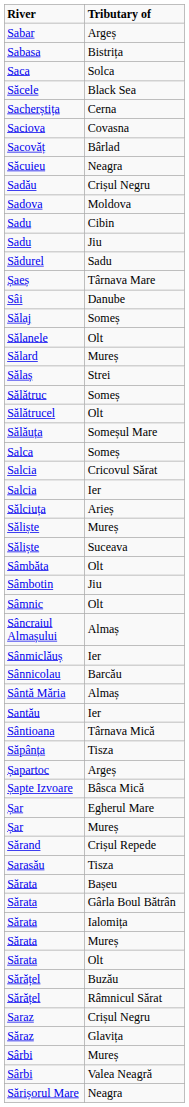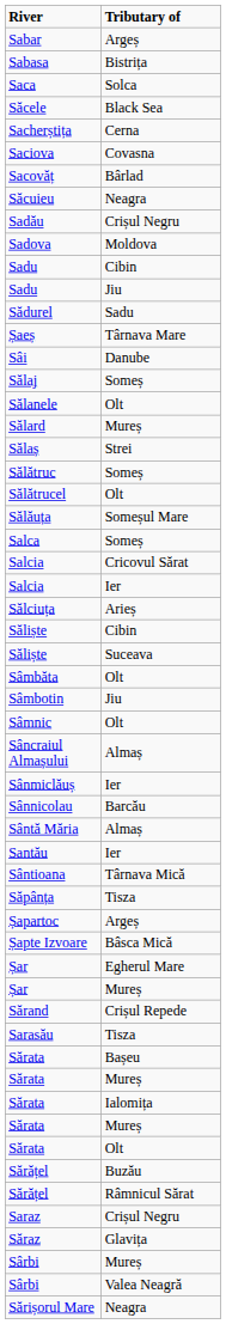 <table class="wikitable">
 <tr>
 <td width="100pt"><strong>River</strong></td>
 <td width="125pt"><strong>Tributary of</strong></td>
 </tr>
 <tr>
 <td><a href='#'>Sabar</a></td>
 <td>Argeș</td>
 </tr>
 <tr>
 <td><a href='#'>Sabasa</a></td>
 <td>Bistrița</td>
 </tr>
 <tr>
 <td><a href='#'>Saca</a></td>
 <td>Solca</td>
 </tr>
 <tr>
 <td><a href='#'>Săcele</a></td>
 <td>Black Sea</td>
 </tr>
 <tr>
 <td><a href='#'>Sacherștița</a></td>
 <td>Cerna</td>
 </tr>
 <tr>
 <td><a href='#'>Saciova</a></td>
 <td>Covasna</td>
 </tr>
 <tr>
 <td><a href='#'>Sacovăț</a></td>
 <td>Bârlad</td>
 </tr>
 <tr>
 <td><a href='#'>Săcuieu</a></td>
 <td>Neagra</td>
 </tr>
 <tr>
 <td><a href='#'>Sadău</a></td>
 <td>Crișul Negru</td>
 </tr>
 <tr>
 <td><a href='#'>Sadova</a></td>
 <td>Moldova</td>
 </tr>
 <tr>
 <td><a href='#'>Sadu</a></td>
 <td>Cibin</td>
 </tr>
 <tr>
 <td><a href='#'>Sadu</a></td>
 <td>Jiu</td>
 </tr>
 <tr>
 <td><a href='#'>Sădurel</a></td>
 <td>Sadu</td>
 </tr>
 <tr>
 <td><a href='#'>Șaeș</a></td>
 <td>Târnava Mare</td>
 </tr>
 <tr>
 <td><a href='#'>Sâi</a></td>
 <td>Danube</td>
 </tr>
 <tr>
 <td><a href='#'>Sălaj</a></td>
 <td>Someș</td>
 </tr>
 <tr>
 <td><a href='#'>Sălanele</a></td>
 <td>Olt</td>
 </tr>
 <tr>
 <td><a href='#'>Sălard</a></td>
 <td>Mureș</td>
 </tr>
 <tr>
 <td><a href='#'>Sălaș</a></td>
 <td>Strei</td>
 </tr>
 <tr>
 <td><a href='#'>Sălătruc</a></td>
 <td>Someș</td>
 </tr>
 <tr>
 <td><a href='#'>Sălătrucel</a></td>
 <td>Olt</td>
 </tr>
 <tr>
 <td><a href='#'>Sălăuța</a></td>
 <td>Someșul Mare</td>
 </tr>
 <tr>
 <td><a href='#'>Salca</a></td>
 <td>Someș</td>
 </tr>
 <tr>
 <td><a href='#'>Salcia</a></td>
 <td>Cricovul Sărat</td>
 </tr>
 <tr>
 <td><a href='#'>Salcia</a></td>
 <td>Ier</td>
 </tr>
 <tr>
 <td><a href='#'>Sălciuța</a></td>
 <td>Arieș</td>
 </tr>
 <tr>
 <td><a href='#'>Săliște</a></td>
-<td>Mureș</td>
+<td>Cibin</td>
 </tr>
 <tr>
 <td><a href='#'>Săliște</a></td>
 <td>Suceava</td>
 </tr>
 <tr>
 <td><a href='#'>Sâmbăta</a></td>
 <td>Olt</td>
 </tr>
 <tr>
 <td><a href='#'>Sâmbotin</a></td>
 <td>Jiu</td>
 </tr>
 <tr>
 <td><a href='#'>Sâmnic</a></td>
 <td>Olt</td>
 </tr>
 <tr>
 <td><a href='#'>Sâncraiul Almașului</a></td>
 <td>Almaș</td>
 </tr>
 <tr>
 <td><a href='#'>Sânmiclăuș</a></td>
 <td>Ier</td>
 </tr>
 <tr>
 <td><a href='#'>Sânnicolau</a></td>
 <td>Barcău</td>
 </tr>
 <tr>
 <td><a href='#'>Sântă Măria</a></td>
 <td>Almaș</td>
 </tr>
 <tr>
 <td><a href='#'>Santău</a></td>
 <td>Ier</td>
 </tr>
 <tr>
 <td><a href='#'>Sântioana</a></td>
 <td>Târnava Mică</td>
 </tr>
 <tr>
 <td><a href='#'>Săpânța</a></td>
 <td>Tisza</td>
 </tr>
 <tr>
 <td><a href='#'>Șapartoc</a></td>
 <td>Argeș</td>
 </tr>
 <tr>
 <td><a href='#'>Șapte Izvoare</a></td>
 <td>Bâsca Mică</td>
 </tr>
 <tr>
 <td><a href='#'>Șar</a></td>
 <td>Egherul Mare</td>
 </tr>
 <tr>
 <td><a href='#'>Șar</a></td>
 <td>Mureș</td>
 </tr>
 <tr>
 <td><a href='#'>Sărand</a></td>
 <td>Crișul Repede</td>
 </tr>
 <tr>
 <td><a href='#'>Sarasău</a></td>
 <td>Tisza</td>
 </tr>
 <tr>
 <td><a href='#'>Sărata</a></td>
 <td>Bașeu</td>
 </tr>
 <tr>
 <td><a href='#'>Sărata</a></td>
-<td>Gârla Boul Bătrân</td>
+<td>Mureș</td>
 </tr>
 <tr>
 <td><a href='#'>Sărata</a></td>
 <td>Ialomița</td>
 </tr>
 <tr>
 <td><a href='#'>Sărata</a></td>
 <td>Mureș</td>
 </tr>
 <tr>
 <td><a href='#'>Sărata</a></td>
 <td>Olt</td>
 </tr>
 <tr>
 <td><a href='#'>Sărățel</a></td>
 <td>Buzău</td>
 </tr>
 <tr>
 <td><a href='#'>Sărățel</a></td>
 <td>Râmnicul Sărat</td>
 </tr>
 <tr>
 <td><a href='#'>Saraz</a></td>
 <td>Crișul Negru</td>
 </tr>
 <tr>
 <td><a href='#'>Săraz</a></td>
 <td>Glavița</td>
 </tr>
 <tr>
 <td><a href='#'>Sârbi</a></td>
 <td>Mureș</td>
 </tr>
 <tr>
 <td><a href='#'>Sârbi</a></td>
 <td>Valea Neagră</td>
 </tr>
 <tr>
 <td><a href='#'>Sărișorul Mare</a></td>
 <td>Neagra</td>
 </tr>
 </table>
